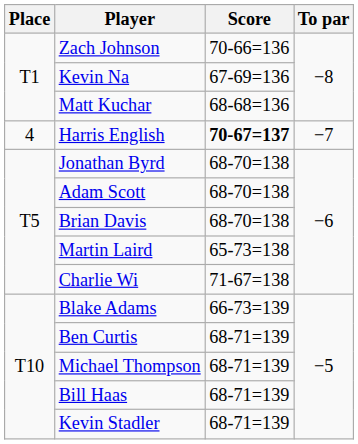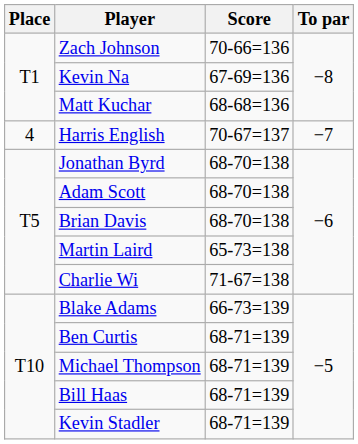 <table class="wikitable">
 <tr>
 <th>Place</th>
 <th>Player</th>
 <th>Score</th>
 <th>To par</th>
 </tr>
 <tr>
 <td rowspan="3" align=center>T1</td>
 <td> <a href='#'>Zach Johnson</a></td>
 <td align=center>70-66=136</td>
 <td rowspan="3" align=center>−8</td>
 </tr>
 <tr>
 <td> <a href='#'>Kevin Na</a></td>
 <td align=center>67-69=136</td>
 </tr>
 <tr>
 <td> <a href='#'>Matt Kuchar</a></td>
 <td align=center>68-68=136</td>
 </tr>
 <tr>
 <td align="center" align=center>4</td>
 <td> <a href='#'>Harris English</a></td>
-<td align=center><strong>70-67=137</strong></td>
+<td align=center>70-67=137</td>
 <td align=center>−7</td>
 </tr>
 <tr>
 <td rowspan="5" align=center>T5</td>
 <td> <a href='#'>Jonathan Byrd</a></td>
 <td align=center>68-70=138</td>
 <td rowspan="5" align=center>−6</td>
 </tr>
 <tr>
 <td> <a href='#'>Adam Scott</a></td>
 <td align=center>68-70=138</td>
 </tr>
 <tr>
 <td> <a href='#'>Brian Davis</a></td>
 <td align=center>68-70=138</td>
 </tr>
 <tr>
 <td> <a href='#'>Martin Laird</a></td>
 <td align=center>65-73=138</td>
 </tr>
 <tr>
 <td> <a href='#'>Charlie Wi</a></td>
 <td align=center>71-67=138</td>
 </tr>
 <tr>
 <td rowspan="5" align=center>T10</td>
 <td> <a href='#'>Blake Adams</a></td>
 <td align=center>66-73=139</td>
 <td rowspan="5" align=center>−5</td>
 </tr>
 <tr>
 <td> <a href='#'>Ben Curtis</a></td>
 <td align=center>68-71=139</td>
 </tr>
 <tr>
 <td> <a href='#'>Michael Thompson</a></td>
 <td align=center>68-71=139</td>
 </tr>
 <tr>
 <td> <a href='#'>Bill Haas</a></td>
 <td align=center>68-71=139</td>
 </tr>
 <tr>
 <td> <a href='#'>Kevin Stadler</a></td>
 <td align=center>68-71=139</td>
 </tr>
 </table>
